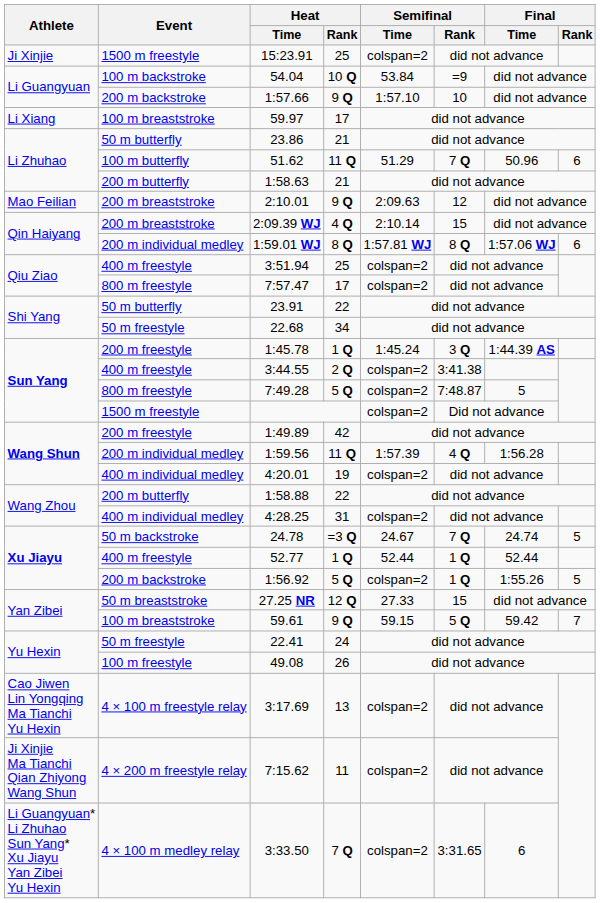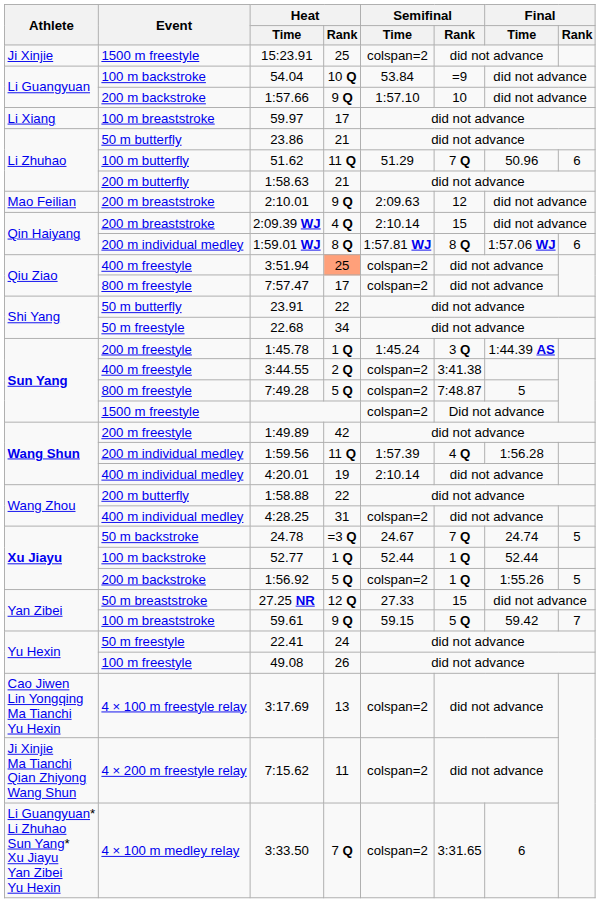 <table class=wikitable style="font-size:90%">
 <tr>
 <th rowspan="2">Athlete</th>
 <th rowspan="2">Event</th>
 <th colspan="2">Heat</th>
 <th colspan="2">Semifinal</th>
 <th colspan="2">Final</th>
 </tr>
 <tr style="font-size:95%">
 <th>Time</th>
 <th>Rank</th>
 <th>Time</th>
 <th>Rank</th>
 <th>Time</th>
 <th>Rank</th>
 </tr>
 <tr align=center>
 <td align=left><a href='#'>Ji Xinjie</a></td>
 <td align=left><a href='#'>1500 m freestyle</a></td>
 <td>15:23.91</td>
 <td>25</td>
 <td>colspan=2 </td>
 <td colspan=2>did not advance</td>
 </tr>
 <tr align=center>
 <td align=left rowspan=2><a href='#'>Li Guangyuan</a></td>
 <td align=left><a href='#'>100 m backstroke</a></td>
 <td>54.04</td>
 <td>10 <strong>Q</strong></td>
 <td>53.84</td>
 <td>=9</td>
 <td colspan=2>did not advance</td>
 </tr>
 <tr align=center>
 <td align=left><a href='#'>200 m backstroke</a></td>
 <td>1:57.66</td>
 <td>9 <strong>Q</strong></td>
 <td>1:57.10</td>
 <td>10</td>
 <td colspan=2>did not advance</td>
 </tr>
 <tr align=center>
 <td align=left><a href='#'>Li Xiang</a></td>
 <td align=left><a href='#'>100 m breaststroke</a></td>
 <td>59.97</td>
 <td>17</td>
 <td colspan=4>did not advance</td>
 </tr>
 <tr align=center>
 <td align=left rowspan=3><a href='#'>Li Zhuhao</a></td>
 <td align=left><a href='#'>50 m butterfly</a></td>
 <td>23.86</td>
 <td>21</td>
 <td colspan=4>did not advance</td>
 </tr>
 <tr align=center>
 <td align=left><a href='#'>100 m butterfly</a></td>
 <td>51.62</td>
 <td>11 <strong>Q</strong></td>
 <td>51.29</td>
 <td>7 <strong>Q</strong></td>
 <td>50.96</td>
 <td>6</td>
 </tr>
 <tr align=center>
 <td align=left><a href='#'>200 m butterfly</a></td>
 <td>1:58.63</td>
 <td>21</td>
 <td colspan=4>did not advance</td>
 </tr>
 <tr align=center>
 <td align=left><a href='#'>Mao Feilian</a></td>
 <td align=left><a href='#'>200 m breaststroke</a></td>
 <td>2:10.01</td>
 <td>9 <strong>Q</strong></td>
 <td>2:09.63</td>
 <td>12</td>
 <td colspan=2>did not advance</td>
 </tr>
 <tr align=center>
 <td align=left rowspan=2><a href='#'>Qin Haiyang</a></td>
 <td align=left><a href='#'>200 m breaststroke</a></td>
 <td>2:09.39 <strong><a href='#'>WJ</a></strong></td>
 <td>4 <strong>Q</strong></td>
 <td>2:10.14</td>
 <td>15</td>
 <td colspan=2>did not advance</td>
 </tr>
 <tr align=center>
 <td align=left><a href='#'>200 m individual medley</a></td>
 <td>1:59.01 <strong><a href='#'>WJ</a></strong></td>
 <td>8 <strong>Q</strong></td>
 <td>1:57.81 <strong><a href='#'>WJ</a></strong></td>
 <td>8 <strong>Q</strong></td>
 <td>1:57.06 <strong><a href='#'>WJ</a></strong></td>
 <td>6</td>
 </tr>
 <tr align=center>
 <td align=left rowspan=2><a href='#'>Qiu Ziao</a></td>
 <td align=left><a href='#'>400 m freestyle</a></td>
 <td>3:51.94</td>
-<td>25</td>
+<td style="background: lightsalmon;">25</td>
 <td>colspan=2 </td>
 <td colspan=2>did not advance</td>
 </tr>
 <tr align=center>
 <td align=left><a href='#'>800 m freestyle</a></td>
 <td>7:57.47</td>
 <td>17</td>
 <td>colspan=2 </td>
 <td colspan=2>did not advance</td>
 </tr>
 <tr align=center>
 <td align=left rowspan=2><a href='#'>Shi Yang</a></td>
 <td align=left><a href='#'>50 m butterfly</a></td>
 <td>23.91</td>
 <td>22</td>
 <td colspan=4>did not advance</td>
 </tr>
 <tr align=center>
 <td align=left><a href='#'>50 m freestyle</a></td>
 <td>22.68</td>
 <td>34</td>
 <td colspan=4>did not advance</td>
 </tr>
 <tr align=center>
 <td align=left rowspan=4><strong><a href='#'>Sun Yang</a></strong></td>
 <td align=left><a href='#'>200 m freestyle</a></td>
 <td>1:45.78</td>
 <td>1 <strong>Q</strong></td>
 <td>1:45.24</td>
 <td>3 <strong>Q</strong></td>
 <td>1:44.39 <strong><a href='#'>AS</a></strong></td>
 <td></td>
 </tr>
 <tr align=center>
 <td align=left><a href='#'>400 m freestyle</a></td>
 <td>3:44.55</td>
 <td>2 <strong>Q</strong></td>
 <td>colspan=2 </td>
 <td>3:41.38</td>
 <td></td>
 </tr>
 <tr align=center>
 <td align=left><a href='#'>800 m freestyle</a></td>
 <td>7:49.28</td>
 <td>5 <strong>Q</strong></td>
 <td>colspan=2 </td>
 <td>7:48.87</td>
 <td>5</td>
 </tr>
 <tr align=center>
 <td align=left><a href='#'>1500 m freestyle</a></td>
 <td colspan=2></td>
 <td>colspan=2 </td>
 <td colspan=2>Did not advance</td>
 </tr>
 <tr align=center>
 <td align=left rowspan=3><strong><a href='#'>Wang Shun</a></strong></td>
 <td align=left><a href='#'>200 m freestyle</a></td>
 <td>1:49.89</td>
 <td>42</td>
 <td colspan=4>did not advance</td>
 </tr>
 <tr align=center>
 <td align=left><a href='#'>200 m individual medley</a></td>
 <td>1:59.56</td>
 <td>11 <strong>Q</strong></td>
 <td>1:57.39</td>
 <td>4 <strong>Q</strong></td>
 <td>1:56.28</td>
 <td></td>
 </tr>
 <tr align=center>
 <td align=left><a href='#'>400 m individual medley</a></td>
 <td>4:20.01</td>
 <td>19</td>
-<td>colspan=2 </td>
+<td>2:10.14</td>
 <td colspan=2>did not advance</td>
 </tr>
 <tr align=center>
 <td align=left rowspan=2><a href='#'>Wang Zhou</a></td>
 <td align=left><a href='#'>200 m butterfly</a></td>
 <td>1:58.88</td>
 <td>22</td>
 <td colspan=4>did not advance</td>
 </tr>
 <tr align=center>
 <td align=left><a href='#'>400 m individual medley</a></td>
 <td>4:28.25</td>
 <td>31</td>
 <td>colspan=2 </td>
 <td colspan=2>did not advance</td>
 </tr>
 <tr align=center>
 <td align=left rowspan=3><strong><a href='#'>Xu Jiayu</a></strong></td>
 <td align=left><a href='#'>50 m backstroke</a></td>
 <td>24.78</td>
 <td>=3 <strong>Q</strong></td>
 <td>24.67</td>
 <td>7 <strong>Q</strong></td>
 <td>24.74</td>
 <td>5</td>
 </tr>
 <tr align=center>
-<td align=left><a href='#'>400 m freestyle</a></td>
+<td align=left><a href='#'>100 m backstroke</a></td>
 <td>52.77</td>
 <td>1 <strong>Q</strong></td>
 <td>52.44</td>
 <td>1 <strong>Q</strong></td>
 <td>52.44</td>
 <td></td>
 </tr>
 <tr align=center>
 <td align=left><a href='#'>200 m backstroke</a></td>
 <td>1:56.92</td>
 <td>5 <strong>Q</strong></td>
 <td>colspan=2 </td>
 <td>1 <strong>Q</strong></td>
 <td>1:55.26</td>
 <td>5</td>
 </tr>
 <tr align=center>
 <td align=left rowspan=2><a href='#'>Yan Zibei</a></td>
 <td align=left><a href='#'>50 m breaststroke</a></td>
 <td>27.25 <strong><a href='#'>NR</a></strong></td>
 <td>12 <strong>Q</strong></td>
 <td>27.33</td>
 <td>15</td>
 <td colspan=2>did not advance</td>
 </tr>
 <tr align=center>
 <td align=left><a href='#'>100 m breaststroke</a></td>
 <td>59.61</td>
 <td>9 <strong>Q</strong></td>
 <td>59.15</td>
 <td>5 <strong>Q</strong></td>
 <td>59.42</td>
 <td>7</td>
 </tr>
 <tr align=center>
 <td align=left rowspan=2><a href='#'>Yu Hexin</a></td>
 <td align=left><a href='#'>50 m freestyle</a></td>
 <td>22.41</td>
 <td>24</td>
 <td colspan=4>did not advance</td>
 </tr>
 <tr align=center>
 <td align=left><a href='#'>100 m freestyle</a></td>
 <td>49.08</td>
 <td>26</td>
 <td colspan=4>did not advance</td>
 </tr>
 <tr align=center>
 <td align=left><a href='#'>Cao Jiwen</a><br><a href='#'>Lin Yongqing</a><br><a href='#'>Ma Tianchi</a><br><a href='#'>Yu Hexin</a></td>
 <td align=left><a href='#'>4 × 100 m freestyle relay</a></td>
 <td>3:17.69</td>
 <td>13</td>
 <td>colspan=2 </td>
 <td colspan=2>did not advance</td>
 </tr>
 <tr align=center>
 <td align=left><a href='#'>Ji Xinjie</a><br><a href='#'>Ma Tianchi</a><br><a href='#'>Qian Zhiyong</a><br><a href='#'>Wang Shun</a></td>
 <td align=left><a href='#'>4 × 200 m freestyle relay</a></td>
 <td>7:15.62</td>
 <td>11</td>
 <td>colspan=2 </td>
 <td colspan=2>did not advance</td>
 </tr>
 <tr align=center>
 <td align=left><a href='#'>Li Guangyuan</a>*<br><a href='#'>Li Zhuhao</a><br><a href='#'>Sun Yang</a>*<br><a href='#'>Xu Jiayu</a><br><a href='#'>Yan Zibei</a><br><a href='#'>Yu Hexin</a></td>
 <td align=left><a href='#'>4 × 100 m medley relay</a></td>
 <td>3:33.50</td>
 <td>7 <strong>Q</strong></td>
 <td>colspan=2 </td>
 <td>3:31.65</td>
 <td>6</td>
 </tr>
 </table>
